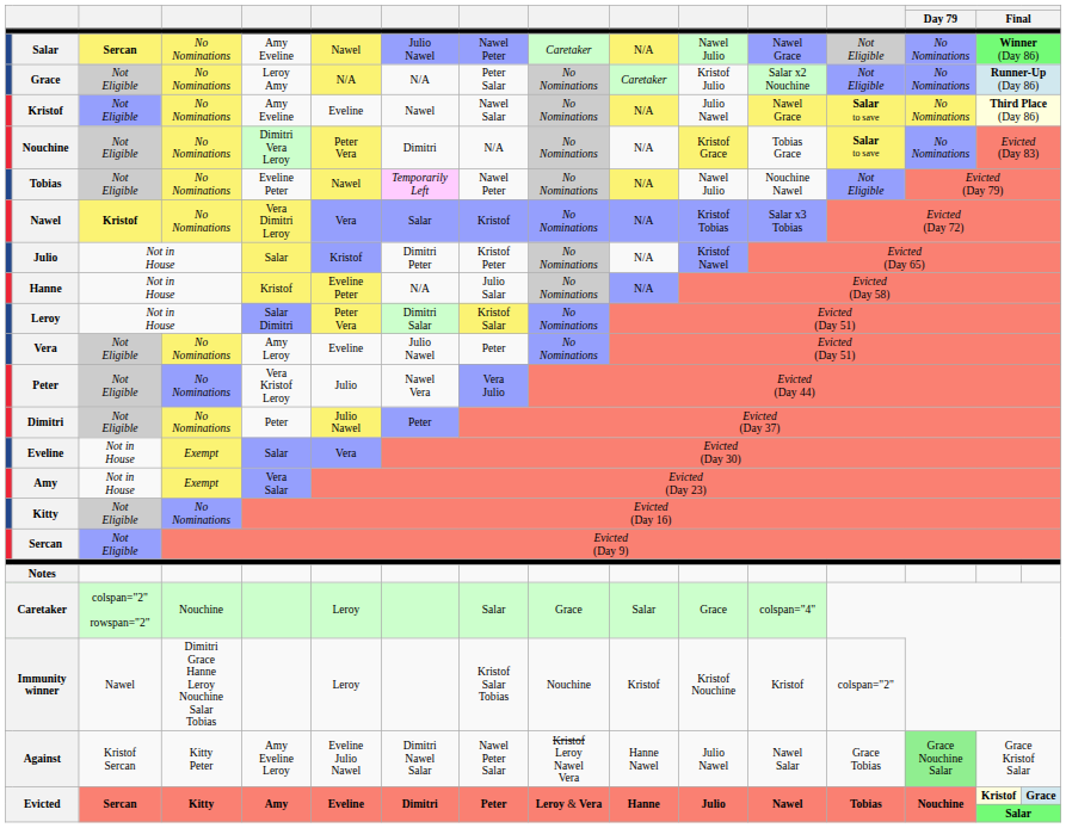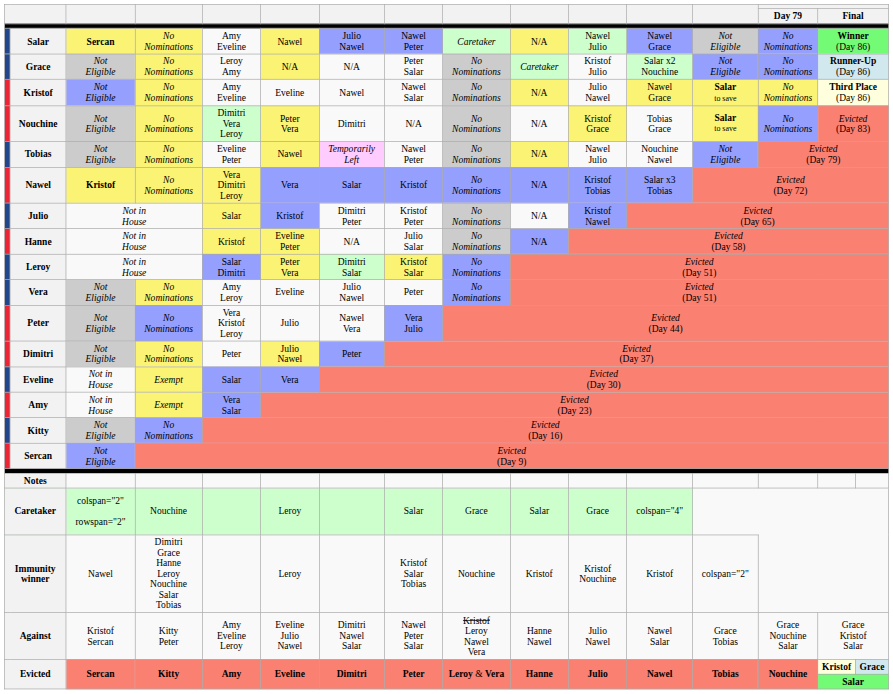 <table class="wikitable" style="text-align:center; width:100%; font-size:85%; line-height:15px">
 <tr>
 <th colspan="2" rowspan="2" style="width: 5%;"></th>
 <th rowspan="2" style="width: 5%;"></th>
 <th rowspan="2" style="width: 5%;"></th>
 <th rowspan="2" style="width: 5%;"></th>
 <th rowspan="2" style="width: 5%;"></th>
 <th rowspan="2" style="width: 5%;"></th>
 <th rowspan="2" style="width: 5%;"></th>
 <th rowspan="2" style="width: 5%;"></th>
 <th rowspan="2" style="width: 5%;"></th>
 <th rowspan="2" style="width: 5%;"></th>
 <th rowspan="2" style="width: 5%;"></th>
 <th rowspan="2" style="width: 5%;"></th>
 <th colspan="3" style="width: 5%;"></th>
 </tr>
 <tr>
 <th>Day 79</th>
 <th colspan="2">Final</th>
 </tr>
 <tr>
 <th colspan="17" style="background:#000;"></th>
 </tr>
 <tr>
 <td style="background:#21468B"></td>
 <th>Salar</th>
 <td style="background:#FBF373;"><strong>Sercan</strong></td>
 <td style="background:#FBF373;"><em>No<br>Nominations</em></td>
 <td>Amy<br>Eveline</td>
 <td style="background:#FBF373;">Nawel</td>
 <td style="background:#959FFD;">Julio<br>Nawel</td>
 <td style="background:#959FFD;">Nawel<br>Peter</td>
 <td style="background:#cfc;"><em>Caretaker</em></td>
 <td style="background:#FBF373;">N/A</td>
 <td style="background:#cfc;">Nawel<br>Julio</td>
 <td style="background:#959FFD;">Nawel<br>Grace</td>
 <td style="background:#cccccc;"><em>Not<br>Eligible</em></td>
 <td style="background:#959FFD;"><em>No<br>Nominations</em></td>
 <td colspan="2" style="background:#73FB76"><strong>Winner</strong><br>(Day 86)</td>
 </tr>
 <tr>
 <td style="background:#21468B"></td>
 <th>Grace</th>
 <td style="background:#cccccc;"><em>Not<br>Eligible</em></td>
 <td style="background:#FBF373;"><em>No<br>Nominations</em></td>
 <td>Leroy<br>Amy</td>
 <td style="background:#FBF373;">N/A</td>
 <td>N/A</td>
 <td>Peter<br>Salar</td>
 <td style="background:#cccccc;"><em>No<br>Nominations</em></td>
 <td style="background:#cfc;"><em>Caretaker</em></td>
 <td>Kristof<br>Julio</td>
 <td style="background:#cfc;">Salar x2<br>Nouchine</td>
 <td style="background:#959FFD;"><em>Not<br>Eligible</em></td>
 <td style="background:#959FFD;"><em>No<br>Nominations</em></td>
 <td colspan="2" style="background:#D1E8EF"><strong>Runner-Up</strong><br>(Day 86)</td>
 </tr>
 <tr>
 <td style="background:#ED2436"></td>
 <th>Kristof</th>
 <td style="background:#959FFD;"><em>Not<br>Eligible</em></td>
 <td style="background:#FBF373;"><em>No<br>Nominations</em></td>
 <td>Amy<br>Eveline</td>
 <td>Eveline</td>
 <td>Nawel</td>
 <td>Nawel<br>Salar</td>
 <td style="background:#cccccc;"><em>No<br>Nominations</em></td>
 <td style="background:#FBF373;">N/A</td>
 <td>Julio<br>Nawel</td>
 <td style="background:#FBF373;">Nawel<br>Grace</td>
 <td style="background:#FBF373;"><strong>Salar</strong><br><small>to save</small></td>
 <td style="background:#FBF373;"><em>No<br>Nominations</em></td>
 <td colspan="2" style="background:#FFFFDD;"><strong>Third Place</strong><br>(Day 86)</td>
 </tr>
 <tr>
 <td style="background:#ED2436"></td>
 <th>Nouchine</th>
 <td style="background:#cccccc;"><em>Not<br>Eligible</em></td>
 <td style="background:#FBF373;"><em>No<br>Nominations</em></td>
 <td style="background:#cfc;">Dimitri<br>Vera<br>Leroy</td>
 <td style="background:#FBF373;">Peter<br>Vera</td>
 <td>Dimitri</td>
 <td>N/A</td>
 <td style="background:#cccccc;"><em>No<br>Nominations</em></td>
 <td>N/A</td>
 <td style="background:#FBF373;">Kristof<br>Grace</td>
 <td>Tobias<br>Grace</td>
 <td style="background:#FBF373;"><strong>Salar</strong><br><small>to save</small></td>
 <td style="background:#959FFD;"><em>No<br>Nominations</em></td>
 <td colspan="4" style="background:salmon;" align="center"><em>Evicted</em><br>(Day 83)</td>
 </tr>
 <tr>
 <td style="background:#21468B"></td>
 <th>Tobias</th>
 <td style="background:#cccccc;"><em>Not<br>Eligible</em></td>
 <td style="background:#FBF373;"><em>No<br>Nominations</em></td>
 <td>Eveline<br>Peter</td>
 <td style="background:#FBF373;">Nawel</td>
 <td style="background:#fcf;"><em>Temporarily<br>Left</em></td>
 <td>Nawel<br>Peter</td>
 <td style="background:#cccccc;"><em>No<br>Nominations</em></td>
 <td style="background:#FBF373;">N/A</td>
 <td>Nawel<br>Julio</td>
 <td>Nouchine<br>Nawel</td>
 <td style="background:#959FFD;"><em>Not<br>Eligible</em></td>
 <td colspan="5" style="background:salmon;" align="center"><em>Evicted</em><br>(Day 79)</td>
 </tr>
 <tr>
 <td style="background:#ED2436"></td>
 <th>Nawel</th>
 <td style="background:#FBF373;"><strong>Kristof</strong></td>
 <td style="background:#FBF373;"><em>No<br>Nominations</em></td>
 <td style="background:#FBF373;">Vera<br>Dimitri<br>Leroy</td>
 <td style="background:#959FFD;">Vera</td>
 <td style="background:#959FFD;">Salar</td>
 <td style="background:#959FFD;">Kristof</td>
 <td style="background:#959FFD;"><em>No<br>Nominations</em></td>
 <td style="background:#959FFD;">N/A</td>
 <td style="background:#959FFD;">Kristof<br>Tobias</td>
 <td style="background:#959FFD;">Salar x3<br>Tobias</td>
 <td colspan="6" style="background:salmon;" align="center"><em>Evicted</em><br>(Day 72)</td>
 </tr>
 <tr>
 <td style="background:#21468B"></td>
 <th>Julio</th>
 <td colspan=2><em>Not in<br>House</em></td>
 <td style="background:#FBF373;">Salar</td>
 <td style="background:#959FFD;">Kristof</td>
 <td>Dimitri<br>Peter</td>
 <td>Kristof<br>Peter</td>
 <td style="background:#cccccc;"><em>No<br>Nominations</em></td>
 <td>N/A</td>
 <td style="background:#959FFD;">Kristof<br>Nawel</td>
 <td colspan="7" style="background:salmon;" align="center"><em>Evicted</em><br>(Day 65)</td>
 </tr>
 <tr>
 <td style="background:#ED2436"></td>
 <th>Hanne</th>
 <td colspan=2><em>Not in<br>House</em></td>
 <td style="background:#FBF373;">Kristof</td>
 <td style="background:#FBF373;">Eveline<br>Peter</td>
 <td>N/A</td>
 <td>Julio<br>Salar</td>
 <td style="background:#cccccc;"><em>No<br>Nominations</em></td>
 <td style="background:#959FFD;">N/A</td>
 <td colspan="8" style="background:salmon;" align="center"><em>Evicted</em><br>(Day 58)</td>
 </tr>
 <tr>
 <td style="background:#21468B"></td>
 <th>Leroy</th>
 <td colspan=2><em>Not in<br>House</em></td>
 <td style="background:#959FFD;">Salar<br>Dimitri</td>
 <td style="background:#FBF373;">Peter<br>Vera</td>
 <td style="background:#cfc;">Dimitri<br>Salar</td>
 <td style="background:#FBF373;">Kristof<br>Salar</td>
 <td style="background:#959FFD;"><em>No<br>Nominations</em></td>
 <td colspan="9" style="background:salmon;" align="center"><em>Evicted</em><br>(Day 51)</td>
 </tr>
 <tr>
 <td style="background:#21468B"></td>
 <th>Vera</th>
 <td style="background:#cccccc;"><em>Not<br>Eligible</em></td>
 <td style="background:#FBF373;"><em>No<br>Nominations</em></td>
 <td>Amy<br>Leroy</td>
 <td>Eveline</td>
 <td>Julio<br>Nawel</td>
 <td>Peter</td>
 <td style="background:#959FFD;"><em>No<br>Nominations</em></td>
 <td colspan="9" style="background:salmon;" align="center"><em>Evicted</em><br>(Day 51)</td>
 </tr>
 <tr>
 <td style="background:#ED2436"></td>
 <th>Peter</th>
 <td style="background:#cccccc;"><em>Not<br>Eligible</em></td>
 <td style="background:#959FFD;"><em>No<br>Nominations</em></td>
 <td>Vera<br>Kristof<br>Leroy</td>
 <td>Julio</td>
 <td>Nawel<br>Vera</td>
 <td style="background:#959FFD;">Vera<br>Julio</td>
 <td colspan="10" style="background:salmon;" align="center"><em>Evicted</em><br>(Day 44)</td>
 </tr>
 <tr>
 <td style="background:#ED2436"></td>
 <th>Dimitri</th>
 <td style="background:#cccccc;"><em>Not<br>Eligible</em></td>
 <td style="background:#FBF373;"><em>No<br>Nominations</em></td>
 <td>Peter</td>
 <td style="background:#FBF373;">Julio<br>Nawel</td>
 <td style="background:#959FFD;">Peter</td>
 <td colspan="10" style="background:salmon;" align="center"><em>Evicted</em><br>(Day 37)</td>
 </tr>
 <tr>
 <td style="background:#21468B"></td>
 <th>Eveline</th>
 <td><em>Not in<br>House</em></td>
 <td style="background:#FBF373;"><em>Exempt</em></td>
 <td style="background:#959FFD;">Salar</td>
 <td style="background:#959FFD;">Vera</td>
 <td colspan="11" style="background:salmon;" align="center"><em>Evicted</em><br>(Day 30)</td>
 </tr>
 <tr>
 <td style="background:#ED2436"></td>
 <th>Amy</th>
 <td><em>Not in<br>House</em></td>
 <td style="background:#FBF373;"><em>Exempt</em></td>
 <td style="background:#959FFD;">Vera<br>Salar</td>
 <td colspan="12" style="background:salmon;" align="center"><em>Evicted</em><br>(Day 23)</td>
 </tr>
 <tr>
 <td style="background:#21468B"></td>
 <th>Kitty</th>
 <td style="background:#cccccc;"><em>Not<br>Eligible</em></td>
 <td style="background:#959FFD;"><em>No<br>Nominations</em></td>
 <td colspan="13" style="background:salmon;" align="center"><em>Evicted</em><br>(Day 16)</td>
 </tr>
 <tr>
 <td style="background:#ED2436"></td>
 <th>Sercan</th>
 <td style="background:#959FFD;"><em>Not<br>Eligible</em></td>
 <td colspan="14" style="background:salmon;" align="center"><em>Evicted</em><br>(Day 9)</td>
 </tr>
 <tr>
 <th colspan="17" style="background:#000;"></th>
 </tr>
 <tr>
 <th colspan="2">Notes</th>
 <td></td>
 <td></td>
 <td></td>
 <td></td>
 <td></td>
 <td></td>
 <td></td>
 <td></td>
 <td></td>
 <td></td>
 <td></td>
 <td></td>
 <td></td>
 <td></td>
 </tr>
 <tr style="background:#cfc; line-height:30px" |>
 <th colspan="2">Caretaker</th>
 <td>colspan="2" rowspan="2" </td>
 <td>Nouchine</td>
 <td></td>
 <td>Leroy</td>
 <td></td>
 <td>Salar</td>
 <td>Grace</td>
 <td>Salar</td>
 <td>Grace</td>
 <td>colspan="4" </td>
 </tr>
 <tr>
 <th colspan="2">Immunity<br>winner</th>
 <td>Nawel</td>
 <td>Dimitri<br>Grace<br>Hanne<br>Leroy<br>Nouchine<br>Salar<br>Tobias</td>
 <td></td>
 <td>Leroy</td>
 <td></td>
 <td>Kristof<br>Salar<br>Tobias</td>
 <td>Nouchine</td>
 <td>Kristof</td>
 <td>Kristof<br>Nouchine</td>
 <td>Kristof</td>
 <td>colspan="2" </td>
 </tr>
 <tr>
 <th colspan="2">Against<br></th>
 <td>Kristof<br>Sercan</td>
 <td>Kitty<br>Peter</td>
 <td>Amy<br>Eveline<br>Leroy</td>
 <td>Eveline<br>Julio<br>Nawel</td>
 <td>Dimitri<br>Nawel<br>Salar</td>
 <td>Nawel<br>Peter<br>Salar</td>
 <td><s>Kristof</s><br>Leroy<br>Nawel<br>Vera</td>
 <td>Hanne<br>Nawel</td>
 <td>Julio<br>Nawel</td>
 <td>Nawel<br>Salar</td>
 <td>Grace<br>Tobias</td>
-<td style="background: lightgreen;">Grace<br>Nouchine<br>Salar</td>
+<td>Grace<br>Nouchine<br>Salar</td>
 <td colspan="2">Grace<br>Kristof<br>Salar</td>
 </tr>
 <tr>
 <th rowspan=2 colspan="2">Evicted</th>
 <td rowspan=2 style="background:salmon;"><strong>Sercan</strong><br></td>
 <td rowspan=2 style="background:salmon;"><strong>Kitty</strong><br></td>
 <td rowspan=2 style="background:salmon;"><strong>Amy</strong><br></td>
 <td rowspan=2 style="background:salmon;"><strong>Eveline</strong><br></td>
 <td rowspan=2 style="background:salmon;"><strong>Dimitri</strong><br></td>
 <td rowspan=2 style="background:salmon;"><strong>Peter</strong><br></td>
 <td rowspan=2 style="background:salmon;"><strong>Leroy</strong> & <strong>Vera</strong><br></td>
 <td rowspan=2 style="background:salmon;"><strong>Hanne</strong><br></td>
 <td rowspan=2 style="background:salmon;"><strong>Julio</strong><br></td>
 <td rowspan=2 style="background:salmon;"><strong>Nawel</strong><br></td>
 <td rowspan=2 style="background:salmon;"><strong>Tobias</strong><br></td>
 <td rowspan=2 style="background:salmon;"><strong>Nouchine</strong><br></td>
 <td style="background:#FFFFDD;"><strong>Kristof</strong><br></td>
 <td style="background:#D1E8EF"><strong>Grace</strong><br></td>
 </tr>
 <tr>
 <td colspan=2 style="background:#73FB76"><strong>Salar</strong><br></td>
 </tr>
 </table>
